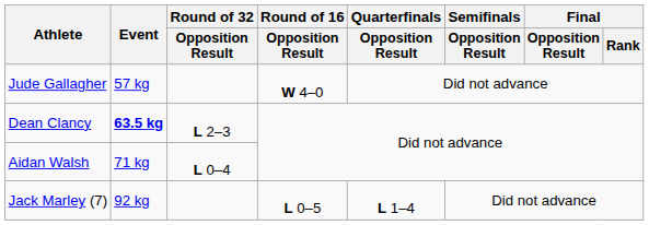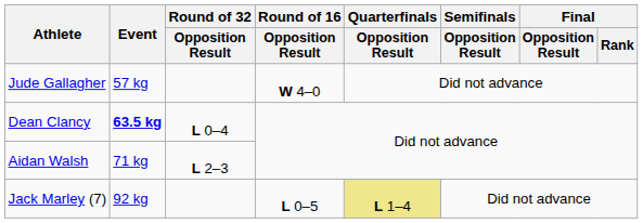 <table class="wikitable" style="font-size:90%">
 <tr>
 <th rowspan="2">Athlete</th>
 <th rowspan="2">Event</th>
 <th>Round of 32</th>
 <th>Round of 16</th>
 <th>Quarterfinals</th>
 <th>Semifinals</th>
 <th colspan=2>Final</th>
 </tr>
 <tr style="font-size:95%">
 <th>Opposition<br>Result</th>
 <th>Opposition<br>Result</th>
 <th>Opposition<br>Result</th>
 <th>Opposition<br>Result</th>
 <th>Opposition<br>Result</th>
 <th>Rank</th>
 </tr>
 <tr align=center>
 <td align=left><a href='#'>Jude Gallagher</a></td>
 <td align=left><a href='#'>57 kg</a></td>
 <td></td>
 <td><br> <strong>W</strong> 4–0</td>
 <td colspan=4>Did not advance</td>
 </tr>
 <tr align=center>
 <td align=left><a href='#'>Dean Clancy</a></td>
 <td align=left><strong><a href='#'>63.5 kg</a></strong></td>
-<td><br><strong>L</strong> 2–3</td>
+<td><br><strong>L</strong> 0–4</td>
 <td colspan=5 rowspan=2>Did not advance</td>
 </tr>
 <tr align=center>
 <td align=left><a href='#'>Aidan Walsh</a></td>
 <td align=left><a href='#'>71 kg</a></td>
-<td><br><strong>L</strong> 0–4</td>
+<td><br><strong>L</strong> 2–3</td>
 </tr>
 <tr align=center>
 <td align=left><a href='#'>Jack Marley</a> (7)</td>
 <td align=left><a href='#'>92 kg</a></td>
 <td></td>
 <td><br><strong>L</strong> 0–5</td>
-<td><br><strong>L</strong> 1–4</td>
+<td style="background: khaki;"><br><strong>L</strong> 1–4</td>
 <td colspan=3>Did not advance</td>
 </tr>
 </table>
